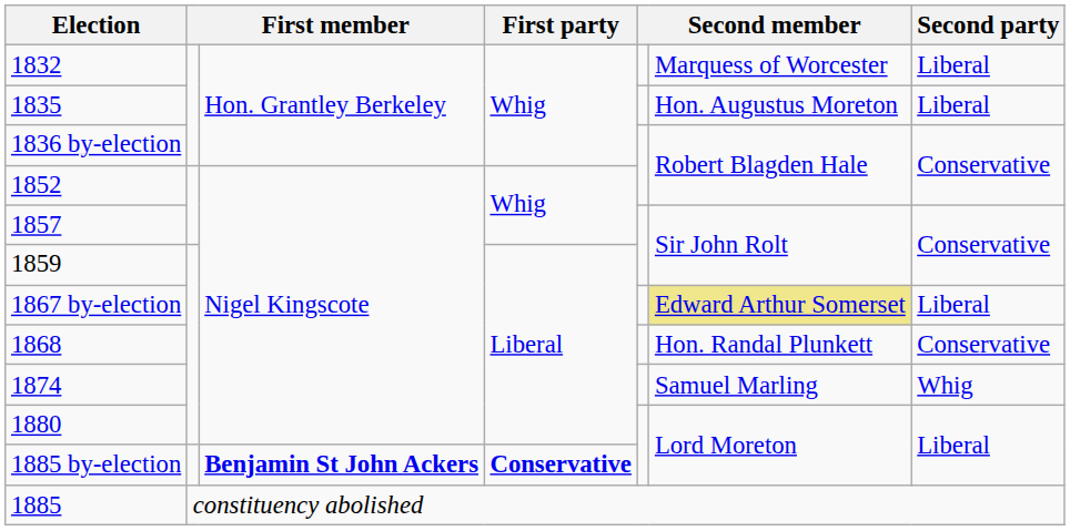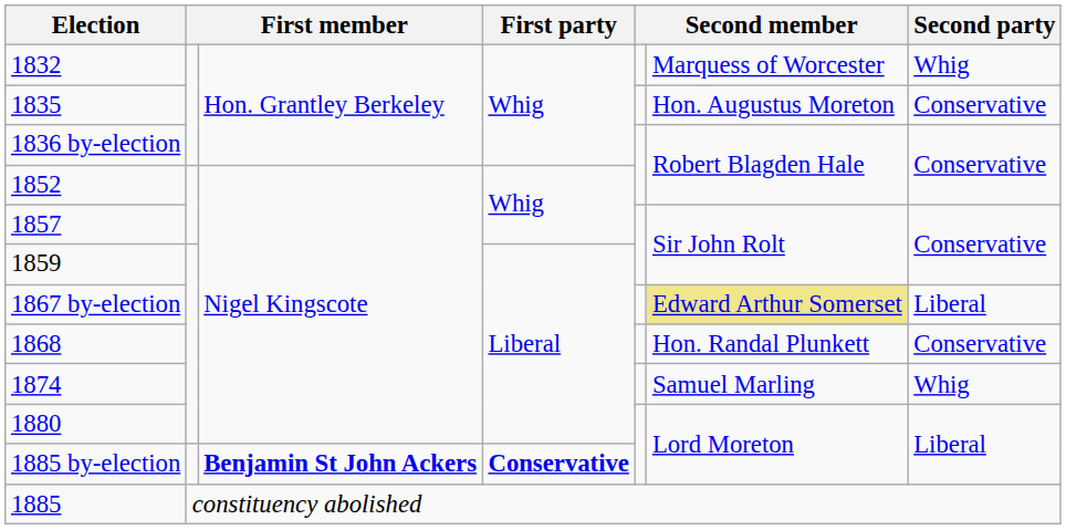 <table class="wikitable">
 <tr>
 <th>Election</th>
 <th colspan="2">First member</th>
 <th>First party</th>
 <th colspan="2">Second member</th>
 <th>Second party</th>
 </tr>
 <tr>
 <td><a href='#'>1832</a></td>
 <td rowspan="3" style="color:inherit;background-color: "></td>
 <td rowspan="3"><a href='#'>Hon. Grantley Berkeley</a></td>
 <td rowspan="3"><a href='#'>Whig</a></td>
 <td style="color:inherit;background-color: "></td>
 <td><a href='#'>Marquess of Worcester</a></td>
-<td><a href='#'>Liberal</a></td>
+<td><a href='#'>Whig</a></td>
 </tr>
 <tr>
 <td><a href='#'>1835</a></td>
 <td style="color:inherit;background-color: "></td>
 <td><a href='#'>Hon. Augustus Moreton</a></td>
-<td><a href='#'>Liberal</a></td>
+<td><a href='#'>Conservative</a></td>
 </tr>
 <tr>
 <td><a href='#'>1836 by-election</a></td>
 <td rowspan="2" style="color:inherit;background-color: "></td>
 <td rowspan="2"><a href='#'>Robert Blagden Hale</a></td>
 <td rowspan="2"><a href='#'>Conservative</a></td>
 </tr>
 <tr>
 <td><a href='#'>1852</a></td>
 <td rowspan="2" style="color:inherit;background-color: "></td>
 <td rowspan="7"><a href='#'>Nigel Kingscote</a></td>
 <td rowspan="2"><a href='#'>Whig</a></td>
 </tr>
 <tr>
 <td><a href='#'>1857</a></td>
 <td rowspan="2" style="color:inherit;background-color: "></td>
 <td rowspan="2"><a href='#'>Sir John Rolt</a></td>
 <td rowspan="2"><a href='#'>Conservative</a></td>
 </tr>
 <tr>
 <td>1859</td>
 <td rowspan="5" style="color:inherit;background-color: "></td>
 <td rowspan="5"><a href='#'>Liberal</a></td>
 </tr>
 <tr>
 <td><a href='#'>1867 by-election</a></td>
 <td style="color:inherit;background-color: "></td>
 <td style="background: khaki;"><a href='#'>Edward Arthur Somerset</a></td>
 <td><a href='#'>Liberal</a></td>
 </tr>
 <tr>
 <td><a href='#'>1868</a></td>
 <td style="color:inherit;background-color: "></td>
 <td><a href='#'>Hon. Randal Plunkett</a></td>
 <td><a href='#'>Conservative</a></td>
 </tr>
 <tr>
 <td><a href='#'>1874</a></td>
 <td style="color:inherit;background-color: "></td>
 <td><a href='#'>Samuel Marling</a> </td>
 <td><a href='#'>Whig</a></td>
 </tr>
 <tr>
 <td><a href='#'>1880</a></td>
 <td rowspan="2" style="color:inherit;background-color: "></td>
 <td rowspan="2"><a href='#'>Lord Moreton</a></td>
 <td rowspan="2"><a href='#'>Liberal</a></td>
 </tr>
 <tr>
 <td><a href='#'>1885 by-election</a></td>
 <td style="color:inherit;background-color: "></td>
 <td><strong><a href='#'>Benjamin St John Ackers</a></strong></td>
 <td><strong><a href='#'>Conservative</a></strong></td>
 </tr>
 <tr>
 <td><a href='#'>1885</a></td>
 <td colspan="6"><em>constituency abolished</em></td>
 </tr>
 </table>
